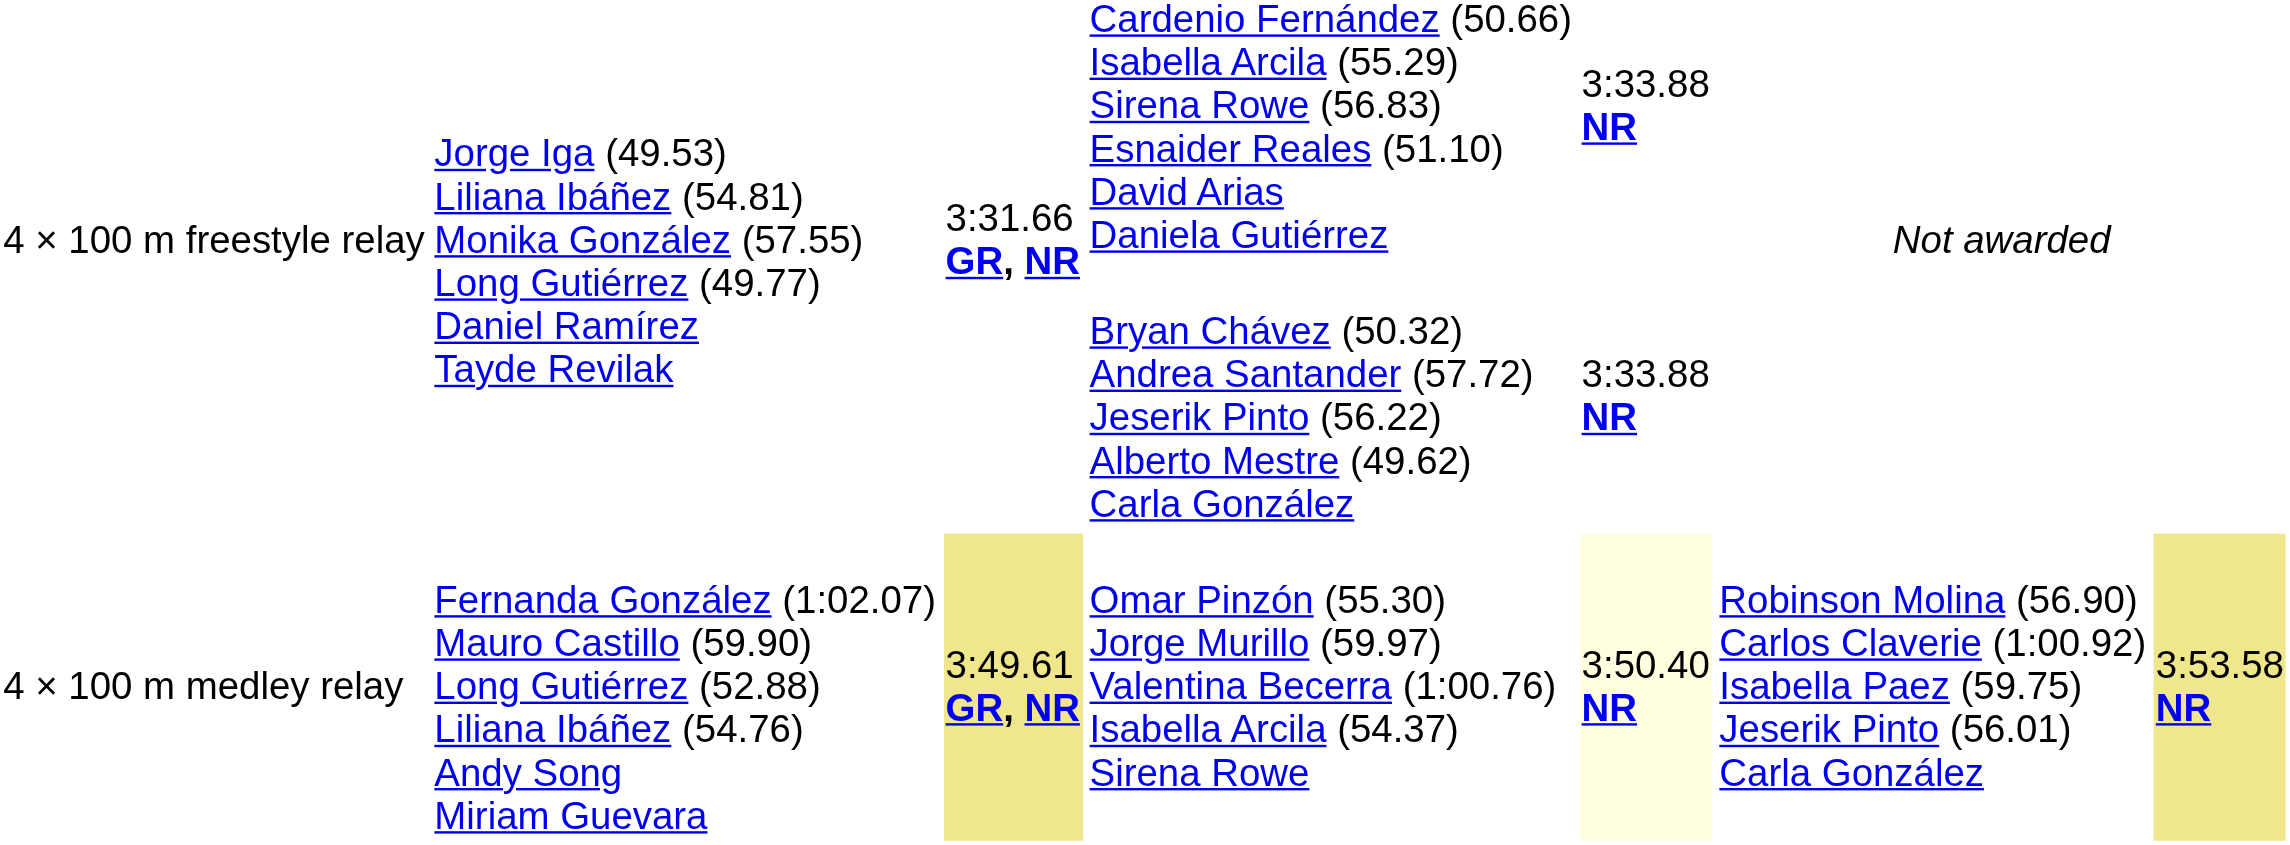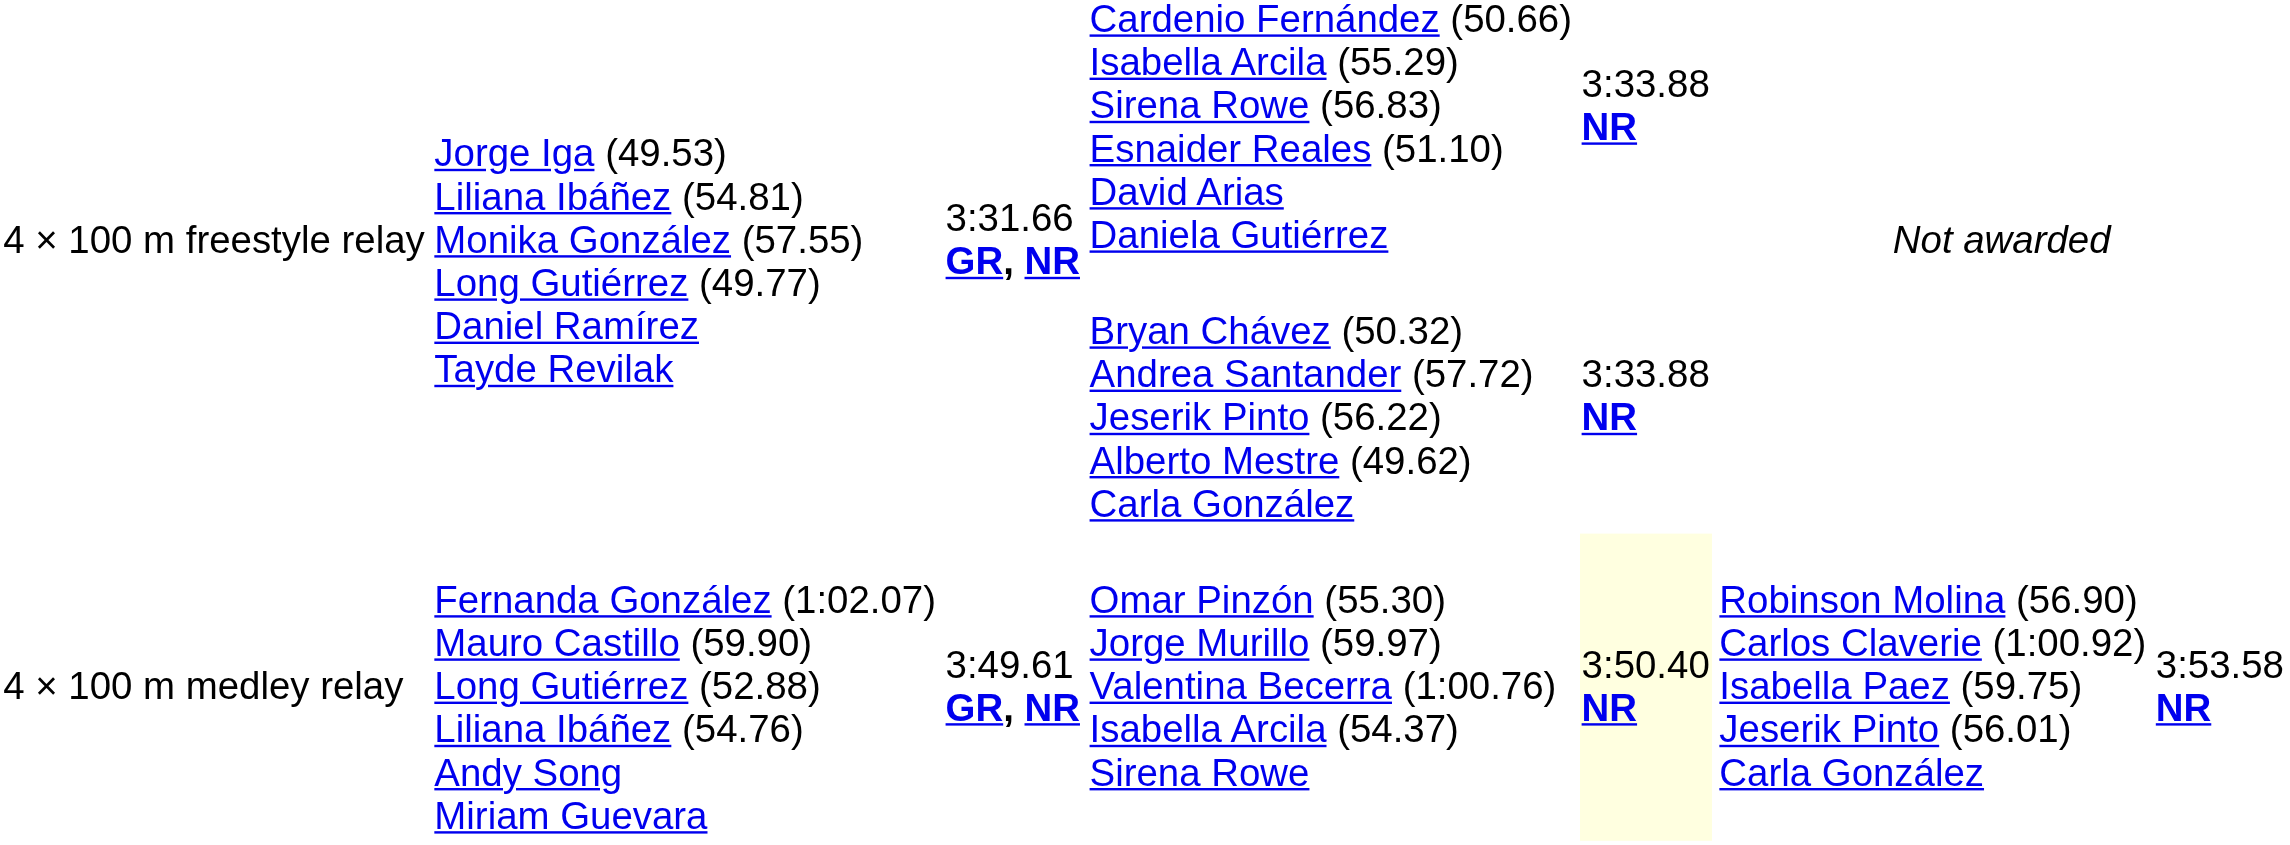 <table>
 <tr>
 <td rowspan=2>4 × 100 m freestyle relay</td>
 <td rowspan=2><br><a href='#'>Jorge Iga</a> (49.53)<br><a href='#'>Liliana Ibáñez</a> (54.81)<br><a href='#'>Monika González</a> (57.55)<br><a href='#'>Long Gutiérrez</a> (49.77)<br><a href='#'>Daniel Ramírez</a><br><a href='#'>Tayde Revilak</a></td>
 <td rowspan=2>3:31.66<br><strong><a href='#'>GR</a>, <a href='#'>NR</a></strong></td>
 <td><br><a href='#'>Cardenio Fernández</a> (50.66)<br><a href='#'>Isabella Arcila</a> (55.29)<br><a href='#'>Sirena Rowe</a> (56.83)<br><a href='#'>Esnaider Reales</a> (51.10)<br><a href='#'>David Arias</a><br><a href='#'>Daniela Gutiérrez</a></td>
 <td>3:33.88<br><strong><a href='#'>NR</a></strong></td>
 <td colspan=2 rowspan=2 align=center><em>Not awarded</em></td>
 </tr>
 <tr>
 <td><br><a href='#'>Bryan Chávez</a> (50.32)<br><a href='#'>Andrea Santander</a> (57.72)<br><a href='#'>Jeserik Pinto</a> (56.22)<br><a href='#'>Alberto Mestre</a> (49.62)<br><a href='#'>Carla González</a></td>
 <td>3:33.88<br><strong><a href='#'>NR</a></strong></td>
 </tr>
 <tr>
 <td>4 × 100 m medley relay</td>
 <td valign=top><br><a href='#'>Fernanda González</a> (1:02.07)<br><a href='#'>Mauro Castillo</a> (59.90)<br><a href='#'>Long Gutiérrez</a> (52.88)<br><a href='#'>Liliana Ibáñez</a> (54.76)<br><a href='#'>Andy Song</a><br><a href='#'>Miriam Guevara</a></td>
-<td style="background: khaki;">3:49.61<br><strong><a href='#'>GR</a>, <a href='#'>NR</a></strong></td>
+<td>3:49.61<br><strong><a href='#'>GR</a>, <a href='#'>NR</a></strong></td>
 <td valign=top><br><a href='#'>Omar Pinzón</a> (55.30)<br><a href='#'>Jorge Murillo</a> (59.97)<br><a href='#'>Valentina Becerra</a> (1:00.76)<br><a href='#'>Isabella Arcila</a> (54.37)<br><a href='#'>Sirena Rowe</a></td>
 <td style="background: lightyellow;">3:50.40<br><strong><a href='#'>NR</a></strong></td>
 <td valign=top><br><a href='#'>Robinson Molina</a> (56.90)<br><a href='#'>Carlos Claverie</a> (1:00.92)<br><a href='#'>Isabella Paez</a> (59.75)<br><a href='#'>Jeserik Pinto</a> (56.01)<br><a href='#'>Carla González</a></td>
-<td style="background: khaki;">3:53.58<br><strong><a href='#'>NR</a></strong></td>
+<td>3:53.58<br><strong><a href='#'>NR</a></strong></td>
 </tr>
 </table>
